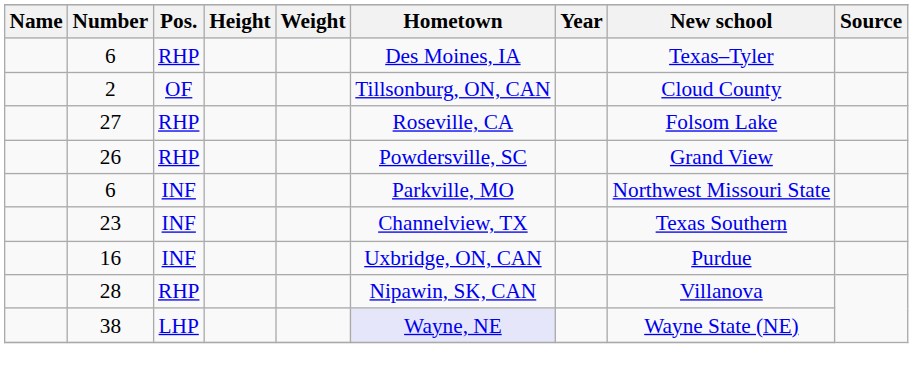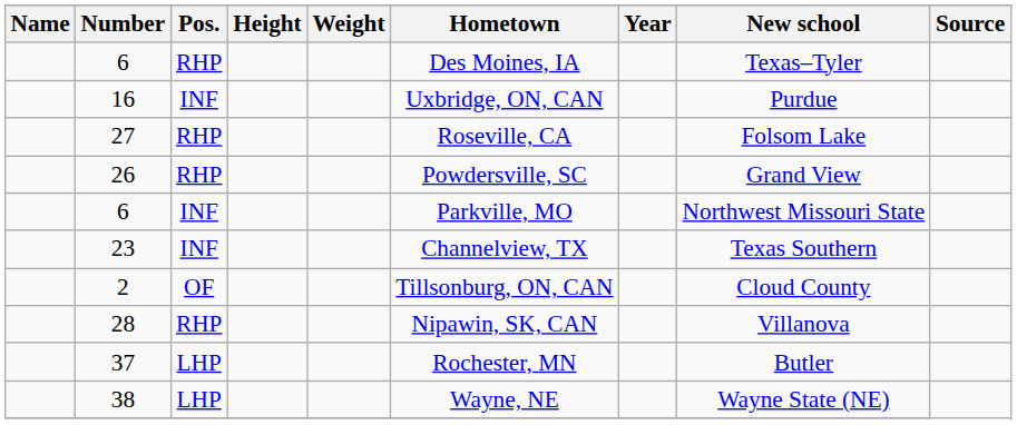 <table class="wikitable sortable" style="text-align: center">
 <tr>
 </tr>
 <tr>
 <th>Name</th>
 <th>Number</th>
 <th>Pos.</th>
 <th>Height</th>
 <th>Weight</th>
 <th>Hometown</th>
 <th>Year</th>
 <th>New school</th>
 <th>Source</th>
 </tr>
 <tr>
 <td></td>
 <td>6</td>
 <td><a href='#'>RHP</a></td>
 <td></td>
 <td></td>
 <td><a href='#'>Des Moines, IA</a></td>
 <td></td>
 <td><a href='#'>Texas–Tyler</a></td>
 </tr>
 <tr>
 <td></td>
-<td>2</td>
-<td><a href='#'>OF</a></td>
+<td>16</td>
+<td><a href='#'>INF</a></td>
 <td></td>
 <td></td>
-<td><a href='#'>Tillsonburg, ON, CAN</a></td>
+<td><a href='#'>Uxbridge, ON, CAN</a></td>
 <td></td>
-<td><a href='#'>Cloud County</a></td>
+<td><a href='#'>Purdue</a></td>
 <td></td>
 </tr>
 <tr>
 <td></td>
 <td>27</td>
 <td><a href='#'>RHP</a></td>
 <td></td>
 <td></td>
 <td><a href='#'>Roseville, CA</a></td>
 <td></td>
 <td><a href='#'>Folsom Lake</a></td>
 <td></td>
 </tr>
 <tr>
 <td></td>
 <td>26</td>
 <td><a href='#'>RHP</a></td>
 <td></td>
 <td></td>
 <td><a href='#'>Powdersville, SC</a></td>
 <td></td>
 <td><a href='#'>Grand View</a></td>
 </tr>
 <tr>
 <td></td>
 <td>6</td>
 <td><a href='#'>INF</a></td>
 <td></td>
 <td></td>
 <td><a href='#'>Parkville, MO</a></td>
 <td></td>
 <td><a href='#'>Northwest Missouri State</a></td>
 <td></td>
 </tr>
 <tr>
 <td></td>
 <td>23</td>
 <td><a href='#'>INF</a></td>
 <td></td>
 <td></td>
 <td><a href='#'>Channelview, TX</a></td>
 <td></td>
 <td><a href='#'>Texas Southern</a></td>
 </tr>
 <tr>
 <td></td>
-<td>16</td>
-<td><a href='#'>INF</a></td>
+<td>2</td>
+<td><a href='#'>OF</a></td>
 <td></td>
 <td></td>
-<td><a href='#'>Uxbridge, ON, CAN</a></td>
+<td><a href='#'>Tillsonburg, ON, CAN</a></td>
 <td></td>
-<td><a href='#'>Purdue</a></td>
+<td><a href='#'>Cloud County</a></td>
 <td></td>
 </tr>
 <tr>
 <td></td>
 <td>28</td>
 <td><a href='#'>RHP</a></td>
 <td></td>
 <td></td>
 <td><a href='#'>Nipawin, SK, CAN</a></td>
 <td></td>
 <td><a href='#'>Villanova</a></td>
 </tr>
 <tr>
 <td></td>
+<td>37</td>
+<td><a href='#'>LHP</a></td>
+<td></td>
+<td></td>
+<td><a href='#'>Rochester, MN</a></td>
+<td></td>
+<td><a href='#'>Butler</a></td>
+<td></td>
+</tr>
+<tr>
+<td></td>
 <td>38</td>
 <td><a href='#'>LHP</a></td>
 <td></td>
 <td></td>
-<td style="background: lavender;"><a href='#'>Wayne, NE</a></td>
+<td><a href='#'>Wayne, NE</a></td>
 <td></td>
 <td><a href='#'>Wayne State (NE)</a></td>
 </tr>
 <tr>
 </tr>
 </table>
